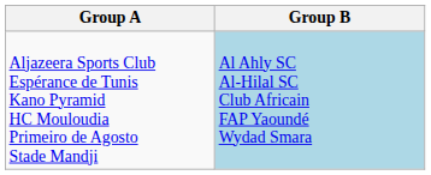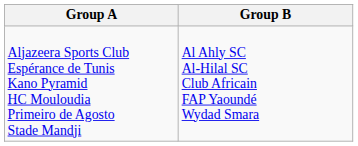 <table class="wikitable">
 <tr>
 <th width=195px>Group A</th>
 <th width=195px>Group B</th>
 </tr>
 <tr>
 <td valign=top><br> <a href='#'>Aljazeera Sports Club</a><br>  <a href='#'>Espérance de Tunis</a><br>  <a href='#'>Kano Pyramid</a><br>  <a href='#'>HC Mouloudia</a><br>  <a href='#'>Primeiro de Agosto</a><br>  <a href='#'>Stade Mandji</a></td>
-<td valign=top style="background: lightblue;"><br> <a href='#'>Al Ahly SC</a><br>  <a href='#'>Al-Hilal SC</a><br>  <a href='#'>Club Africain</a><br>  <a href='#'>FAP Yaoundé</a><br>  <a href='#'>Wydad Smara</a></td>
+<td valign=top><br> <a href='#'>Al Ahly SC</a><br>  <a href='#'>Al-Hilal SC</a><br>  <a href='#'>Club Africain</a><br>  <a href='#'>FAP Yaoundé</a><br>  <a href='#'>Wydad Smara</a></td>
 </tr>
 </table>
